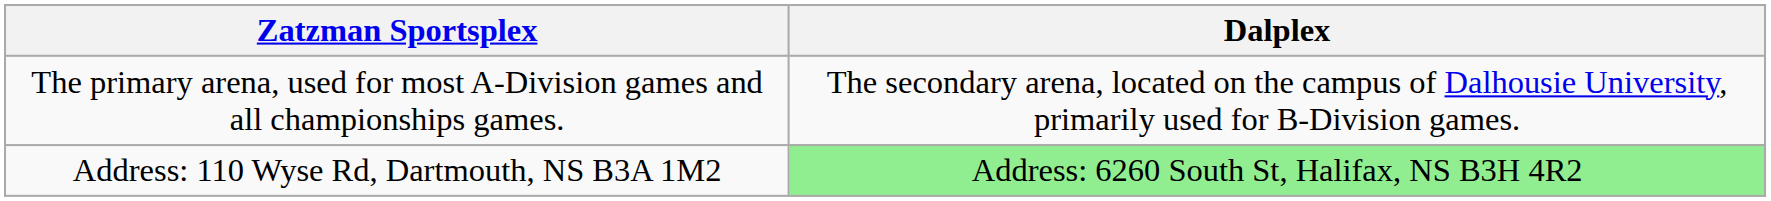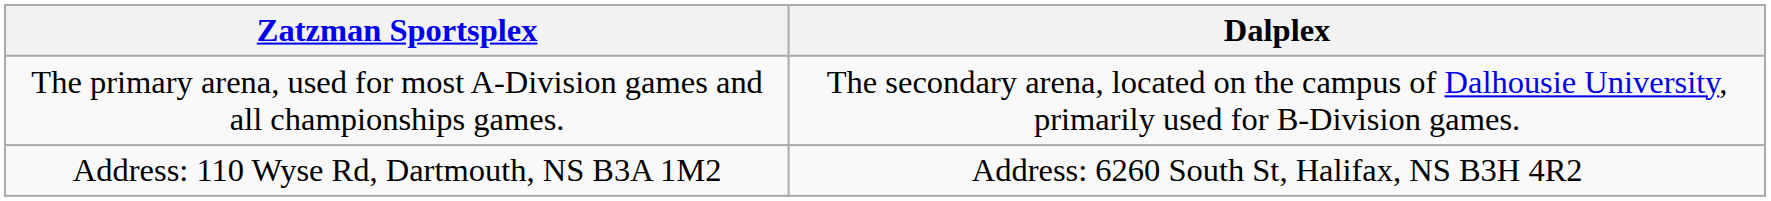 <table class="wikitable" style="text-align:center;">
 <tr>
 <th><a href='#'>Zatzman Sportsplex</a></th>
 <th>Dalplex</th>
 </tr>
 <tr>
 <td>The primary arena, used for most A-Division games and all championships games.</td>
 <td>The secondary arena, located on the campus of <a href='#'>Dalhousie University</a>, primarily used for B-Division games.</td>
 </tr>
 <tr>
 <td>Address: 110 Wyse Rd, Dartmouth, NS B3A 1M2</td>
-<td style="background: lightgreen;">Address: 6260 South St, Halifax, NS B3H 4R2</td>
+<td>Address: 6260 South St, Halifax, NS B3H 4R2</td>
 </tr>
 </table>
